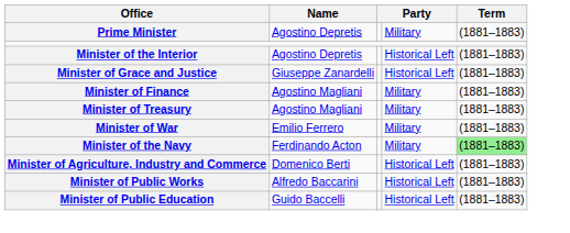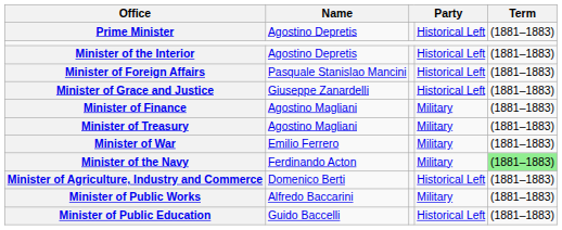 <table class="wikitable" style="font-size: 100%;">
 <tr>
 <th>Office</th>
 <th>Name</th>
 <th colspan=2>Party</th>
 <th>Term</th>
 </tr>
 <tr>
 <th><a href='#'>Prime Minister</a></th>
 <td><a href='#'>Agostino Depretis</a></td>
 <td style="color:inherit;background:"></td>
-<td><a href='#'>Military</a></td>
+<td><a href='#'>Historical Left</a></td>
 <td>(1881–1883)</td>
 </tr>
 <tr>
 <td colspan=5></td>
 </tr>
 <tr>
 <th><a href='#'>Minister of the Interior</a></th>
 <td><a href='#'>Agostino Depretis</a></td>
+<td style="color:inherit;background:"></td>
+<td><a href='#'>Historical Left</a></td>
+<td>(1881–1883)</td>
+</tr>
+<tr>
+<th><a href='#'>Minister of Foreign Affairs</a></th>
+<td><a href='#'>Pasquale Stanislao Mancini</a></td>
 <td style="color:inherit;background:"></td>
 <td><a href='#'>Historical Left</a></td>
 <td>(1881–1883)</td>
 </tr>
 <tr>
 <th><a href='#'>Minister of Grace and Justice</a></th>
 <td><a href='#'>Giuseppe Zanardelli</a></td>
 <td style="color:inherit;background:"></td>
 <td><a href='#'>Historical Left</a></td>
 <td>(1881–1883)</td>
 </tr>
 <tr>
 <th><a href='#'>Minister of Finance</a></th>
 <td><a href='#'>Agostino Magliani</a></td>
 <td style="color:inherit;background:"></td>
 <td><a href='#'>Military</a></td>
 <td>(1881–1883)</td>
 </tr>
 <tr>
 <th><a href='#'>Minister of Treasury</a></th>
 <td><a href='#'>Agostino Magliani</a></td>
 <td style="color:inherit;background:"></td>
 <td><a href='#'>Military</a></td>
 <td>(1881–1883)</td>
 </tr>
 <tr>
 <th><a href='#'>Minister of War</a></th>
 <td><a href='#'>Emilio Ferrero</a></td>
 <td style="color:inherit;background:"></td>
 <td><a href='#'>Military</a></td>
 <td>(1881–1883)</td>
 </tr>
 <tr>
 <th><a href='#'>Minister of the Navy</a></th>
 <td><a href='#'>Ferdinando Acton</a></td>
 <td style="color:inherit;background:"></td>
 <td><a href='#'>Military</a></td>
 <td style="background: lightgreen;">(1881–1883)</td>
 </tr>
 <tr>
 <th><a href='#'>Minister of Agriculture, Industry and Commerce</a></th>
 <td><a href='#'>Domenico Berti</a></td>
 <td style="color:inherit;background:"></td>
 <td><a href='#'>Historical Left</a></td>
 <td>(1881–1883)</td>
 </tr>
 <tr>
 <th><a href='#'>Minister of Public Works</a></th>
 <td><a href='#'>Alfredo Baccarini</a></td>
 <td style="color:inherit;background:"></td>
-<td><a href='#'>Historical Left</a></td>
+<td><a href='#'>Military</a></td>
 <td>(1881–1883)</td>
 </tr>
 <tr>
 <th><a href='#'>Minister of Public Education</a></th>
 <td><a href='#'>Guido Baccelli</a></td>
 <td style="color:inherit;background:"></td>
 <td><a href='#'>Historical Left</a></td>
 <td>(1881–1883)</td>
 </tr>
 </table>
